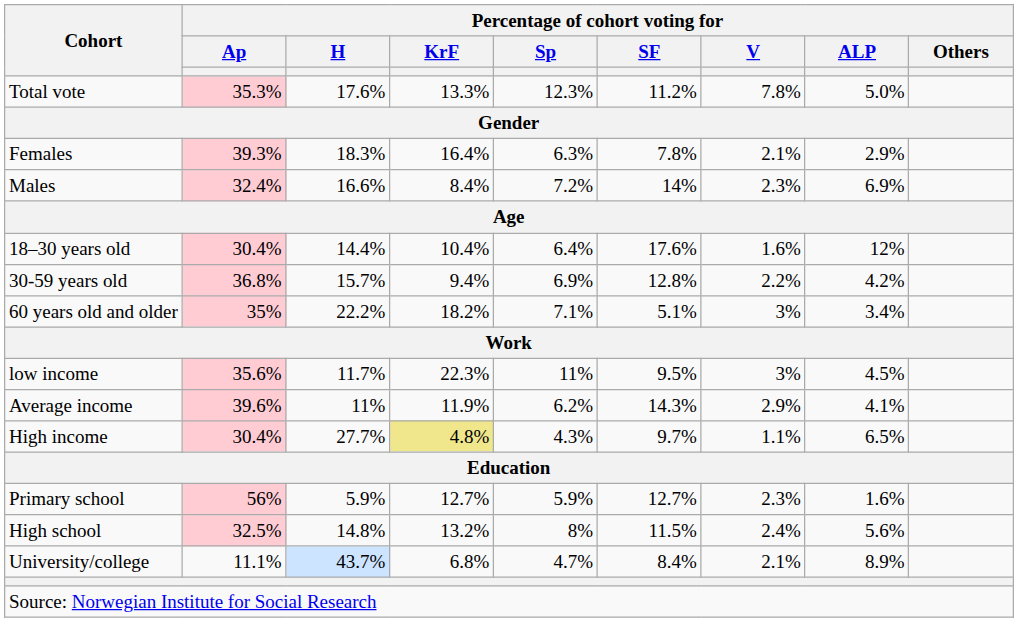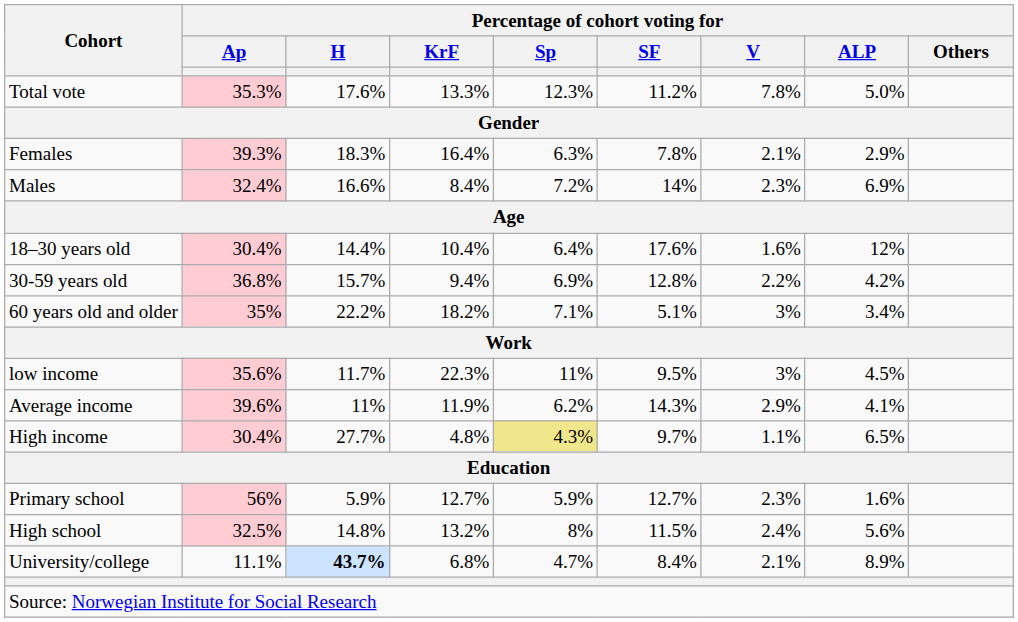 <table class="wikitable" style="text-align:right; font-size:95%;">
 <tr>
 <th rowspan="3">Cohort</th>
 <th colspan="8">Percentage of cohort voting for</th>
 </tr>
 <tr>
 <th scope="col" style="width:5em;"><a href='#'>Ap</a></th>
 <th scope="col" style="width:5em;"><a href='#'>H</a></th>
 <th scope="col" style="width:5em;"><a href='#'>KrF</a></th>
 <th scope="col" style="width:5em;"><a href='#'>Sp</a></th>
 <th scope="col" style="width:5em;"><a href='#'>SF</a></th>
 <th scope="col" style="width:5em;"><a href='#'>V</a></th>
 <th scope="col" style="width:5em;"><a href='#'>ALP</a></th>
 <th scope="col" style="width:5em;">Others</th>
 </tr>
 <tr>
 <th style="background:"></th>
 <th style="background:"></th>
 <th style="background:"></th>
 <th style="background:"></th>
 <th style="background:"></th>
 <th style="background:"></th>
 <th style="background:"></th>
 <th style="background:"></th>
 </tr>
 <tr>
 <td align=left>Total vote</td>
 <td style="background:#ffccd4;">35.3%</td>
 <td>17.6%</td>
 <td>13.3%</td>
 <td>12.3%</td>
 <td>11.2%</td>
 <td>7.8%</td>
 <td>5.0%</td>
 <td></td>
 </tr>
 <tr>
 <th colspan="9">Gender</th>
 </tr>
 <tr>
 <td align=left>Females</td>
 <td style="background:#ffccd4;">39.3%</td>
 <td>18.3%</td>
 <td>16.4%</td>
 <td>6.3%</td>
 <td>7.8%</td>
 <td>2.1%</td>
 <td>2.9%</td>
 <td></td>
 </tr>
 <tr>
 <td align=left>Males</td>
 <td style="background:#ffccd4;">32.4%</td>
 <td>16.6%</td>
 <td>8.4%</td>
 <td>7.2%</td>
 <td>14%</td>
 <td>2.3%</td>
 <td>6.9%</td>
 <td></td>
 </tr>
 <tr>
 <th colspan="9">Age</th>
 </tr>
 <tr>
 <td align=left>18–30 years old</td>
 <td style="background:#ffccd4;">30.4%</td>
 <td>14.4%</td>
 <td>10.4%</td>
 <td>6.4%</td>
 <td>17.6%</td>
 <td>1.6%</td>
 <td>12%</td>
 <td></td>
 </tr>
 <tr>
 <td align=left>30-59 years old</td>
 <td style="background:#ffccd4;">36.8%</td>
 <td>15.7%</td>
 <td>9.4%</td>
 <td>6.9%</td>
 <td>12.8%</td>
 <td>2.2%</td>
 <td>4.2%</td>
 <td></td>
 </tr>
 <tr>
 <td align=left>60 years old and older</td>
 <td style="background:#ffccd4;">35%</td>
 <td>22.2%</td>
 <td>18.2%</td>
 <td>7.1%</td>
 <td>5.1%</td>
 <td>3%</td>
 <td>3.4%</td>
 <td></td>
 </tr>
 <tr>
 <th colspan="9">Work</th>
 </tr>
 <tr>
 <td align=left>low income</td>
 <td style="background:#ffccd4;">35.6%</td>
 <td>11.7%</td>
 <td>22.3%</td>
 <td>11%</td>
 <td>9.5%</td>
 <td>3%</td>
 <td>4.5%</td>
 <td></td>
 </tr>
 <tr>
 <td align=left>Average income</td>
 <td style="background:#ffccd4;">39.6%</td>
 <td>11%</td>
 <td>11.9%</td>
 <td>6.2%</td>
 <td>14.3%</td>
 <td>2.9%</td>
 <td>4.1%</td>
 <td></td>
 </tr>
 <tr>
 <td align=left>High income</td>
 <td style="background:#ffccd4;">30.4%</td>
 <td>27.7%</td>
-<td style="background: khaki;">4.8%</td>
-<td>4.3%</td>
+<td>4.8%</td>
+<td style="background: khaki;">4.3%</td>
 <td>9.7%</td>
 <td>1.1%</td>
 <td>6.5%</td>
 <td></td>
 </tr>
 <tr>
 <th colspan="9">Education</th>
 </tr>
 <tr>
 <td align=left>Primary school</td>
 <td style="background:#ffccd4;">56%</td>
 <td>5.9%</td>
 <td>12.7%</td>
 <td>5.9%</td>
 <td>12.7%</td>
 <td>2.3%</td>
 <td>1.6%</td>
 <td></td>
 </tr>
 <tr>
 <td align=left>High school</td>
 <td style="background:#ffccd4;">32.5%</td>
 <td>14.8%</td>
 <td>13.2%</td>
 <td>8%</td>
 <td>11.5%</td>
 <td>2.4%</td>
 <td>5.6%</td>
 <td></td>
 </tr>
 <tr>
 <td align=left>University/college</td>
 <td>11.1%</td>
-<td style="background:#cce4ff;">43.7%</td>
+<td style="background:#cce4ff;"><strong>43.7%</strong></td>
 <td>6.8%</td>
 <td>4.7%</td>
 <td>8.4%</td>
 <td>2.1%</td>
 <td>8.9%</td>
 <td></td>
 </tr>
 <tr>
 <th colspan="11!"></th>
 </tr>
 <tr>
 <td align=left colspan="9">Source: <a href='#'>Norwegian Institute for Social Research</a></td>
 </tr>
 </table>
